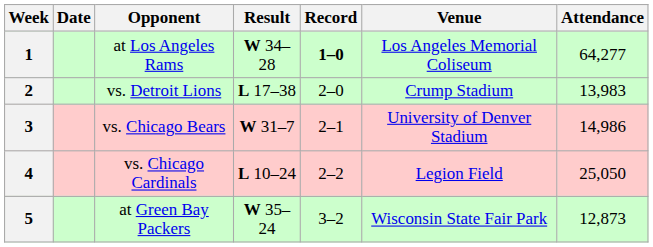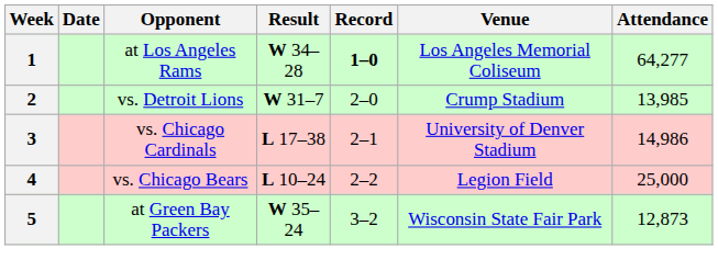 <table class="wikitable" style="text-align:center">
 <tr>
 <th>Week</th>
 <th>Date</th>
 <th>Opponent</th>
 <th>Result</th>
 <th>Record</th>
 <th>Venue</th>
 <th>Attendance</th>
 </tr>
 <tr style="background:#cfc;">
 <th>1</th>
 <td></td>
 <td>at <a href='#'>Los Angeles Rams</a></td>
 <td><strong>W</strong> 34–28</td>
 <td><strong>1–0</strong></td>
 <td><a href='#'>Los Angeles Memorial Coliseum</a></td>
 <td>64,277</td>
 </tr>
 <tr style="background:#cfc;">
 <th>2</th>
 <td></td>
 <td>vs. <a href='#'>Detroit Lions</a></td>
-<td><strong>L</strong> 17–38</td>
+<td><strong>W</strong> 31–7</td>
 <td>2–0</td>
 <td><a href='#'>Crump Stadium</a> </td>
-<td>13,983</td>
+<td>13,985</td>
 </tr>
 <tr style="background:#fcc;">
 <th>3</th>
 <td></td>
-<td>vs. <a href='#'>Chicago Bears</a></td>
-<td><strong>W</strong> 31–7</td>
+<td>vs. <a href='#'>Chicago Cardinals</a></td>
+<td><strong>L</strong> 17–38</td>
 <td>2–1</td>
 <td><a href='#'>University of Denver Stadium</a> </td>
 <td>14,986</td>
 </tr>
 <tr style="background:#fcc;">
 <th>4</th>
 <td></td>
-<td>vs. <a href='#'>Chicago Cardinals</a></td>
+<td>vs. <a href='#'>Chicago Bears</a></td>
 <td><strong>L</strong> 10–24</td>
 <td>2–2</td>
 <td><a href='#'>Legion Field</a> </td>
-<td>25,050</td>
+<td>25,000</td>
 </tr>
 <tr style="background:#cfc;">
 <th>5</th>
 <td></td>
 <td>at <a href='#'>Green Bay Packers</a></td>
 <td><strong>W</strong> 35–24</td>
 <td>3–2</td>
 <td><a href='#'>Wisconsin State Fair Park</a> </td>
 <td>12,873</td>
 </tr>
 </table>
